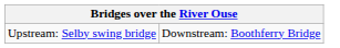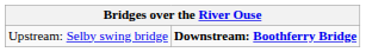 <table class="wikitable">
 <tr>
 <th colspan=2>Bridges over the <a href='#'>River Ouse</a></th>
 </tr>
 <tr>
 <td>Upstream: <a href='#'>Selby swing bridge</a></td>
-<td>Downstream: <a href='#'>Boothferry Bridge</a></td>
+<td><strong>Downstream: <a href='#'>Boothferry Bridge</a></strong></td>
 </tr>
 </table>
